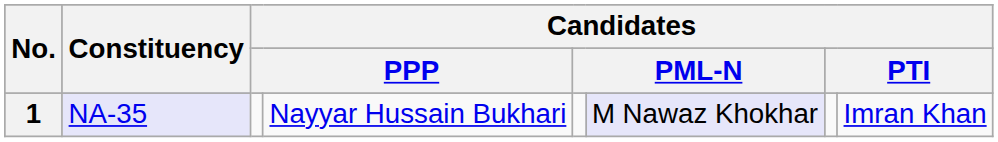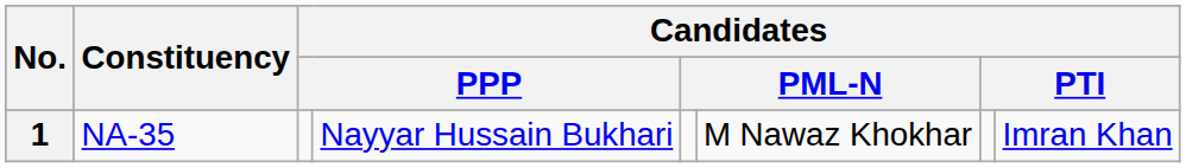 <table class="wikitable sortable">
 <tr>
 <th rowspan="2">No.</th>
 <th rowspan="2">Constituency</th>
 <th colspan="6">Candidates</th>
 </tr>
 <tr>
 <th colspan="2"><a href='#'>PPP</a></th>
 <th colspan="2"><a href='#'>PML-N</a></th>
 <th colspan="2"><a href='#'>PTI</a></th>
 </tr>
 <tr>
 <th>1</th>
-<td style="background: lavender;"><a href='#'>NA-35</a></td>
+<td><a href='#'>NA-35</a></td>
 <td style="color:inherit;background:"></td>
 <td><a href='#'>Nayyar Hussain Bukhari</a></td>
 <td style="color:inherit;background:"></td>
-<td style="background: lavender;">M Nawaz Khokhar</td>
+<td>M Nawaz Khokhar</td>
 <td style="color:inherit;background:"></td>
 <td><a href='#'>Imran Khan</a></td>
 </tr>
 </table>
